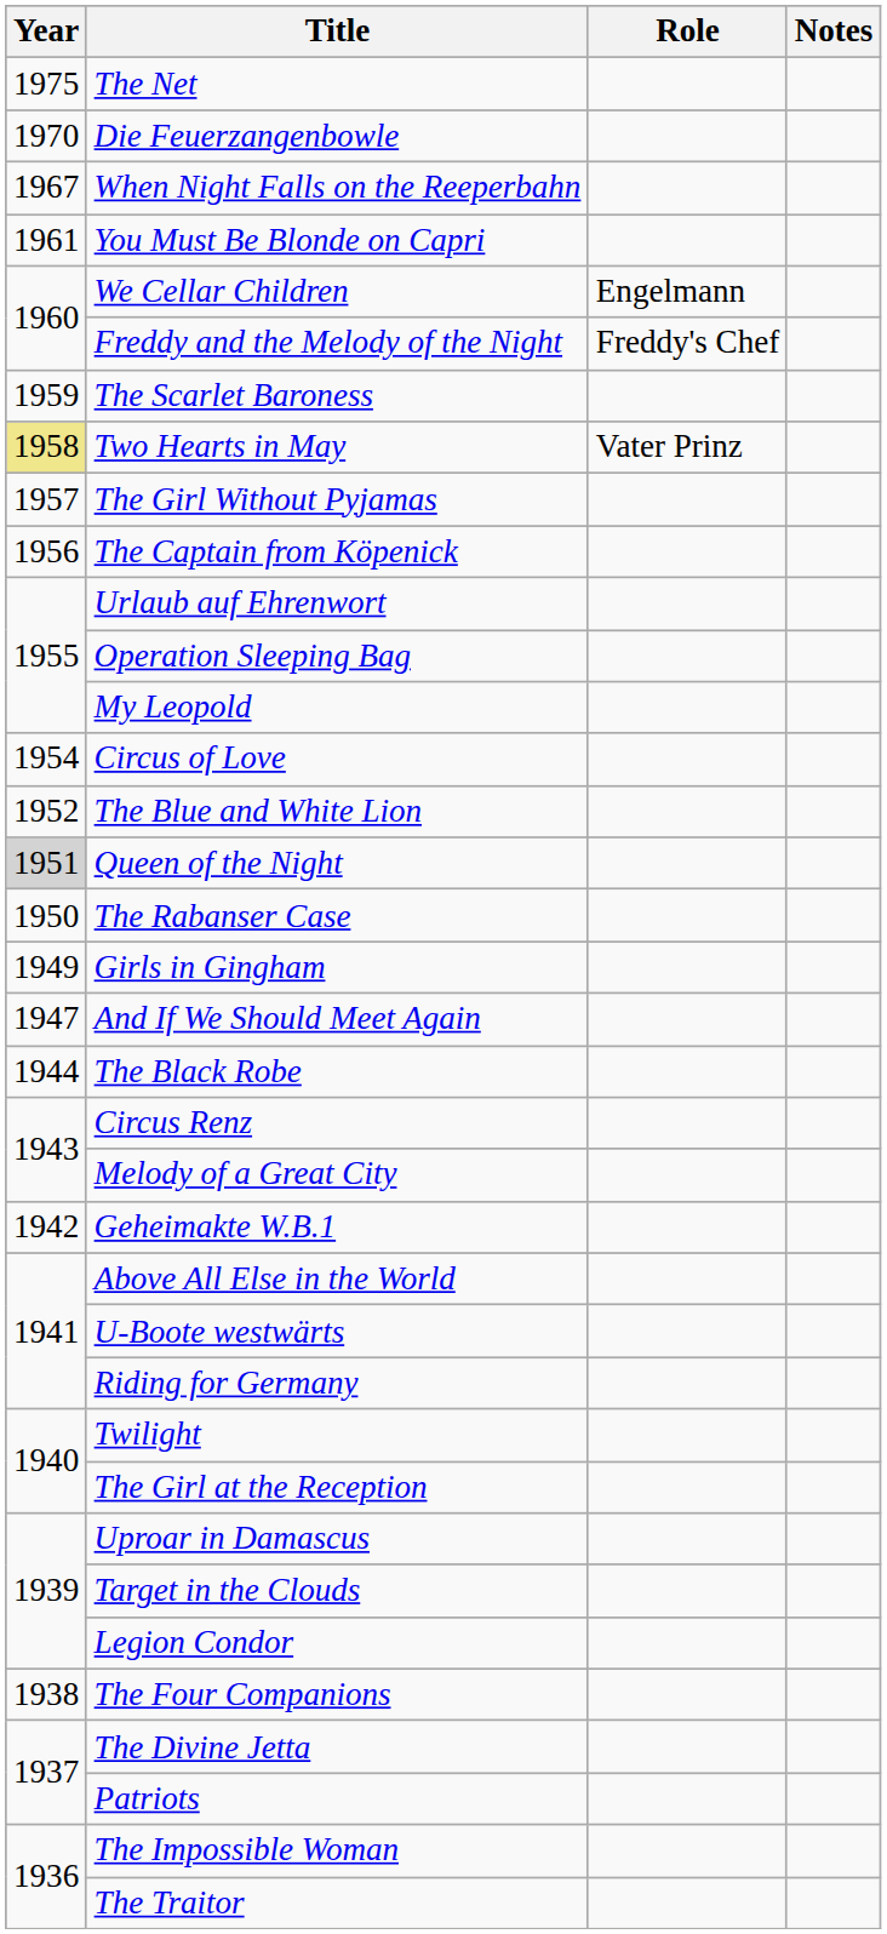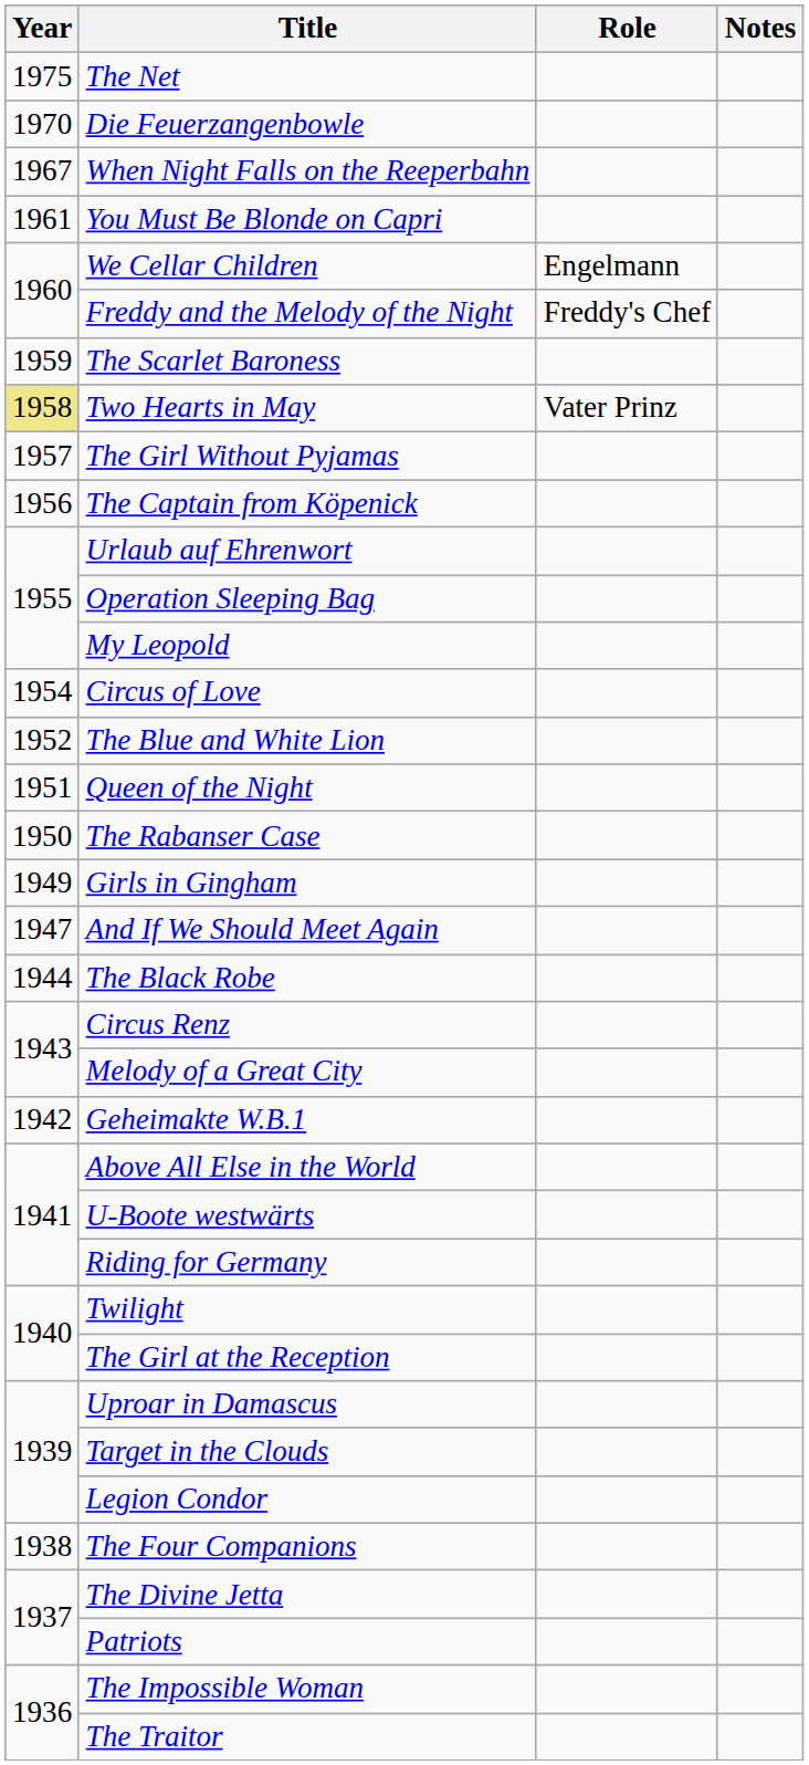 <table class="wikitable sortable">
 <tr>
 <th>Year</th>
 <th>Title</th>
 <th>Role</th>
 <th class="unsortable">Notes</th>
 </tr>
 <tr>
 <td>1975</td>
 <td><em><a href='#'>The Net</a></em></td>
 <td></td>
 <td></td>
 </tr>
 <tr>
 <td>1970</td>
 <td><em><a href='#'>Die Feuerzangenbowle</a></em></td>
 <td></td>
 <td></td>
 </tr>
 <tr>
 <td>1967</td>
 <td><em><a href='#'>When Night Falls on the Reeperbahn</a></em></td>
 <td></td>
 <td></td>
 </tr>
 <tr>
 <td>1961</td>
 <td><em><a href='#'>You Must Be Blonde on Capri</a></em></td>
 <td></td>
 <td></td>
 </tr>
 <tr>
 <td rowspan=2>1960</td>
 <td><em><a href='#'>We Cellar Children</a></em></td>
 <td>Engelmann</td>
 <td></td>
 </tr>
 <tr>
 <td><em><a href='#'>Freddy and the Melody of the Night</a></em></td>
 <td>Freddy's Chef</td>
 <td></td>
 </tr>
 <tr>
 <td>1959</td>
 <td><em><a href='#'>The Scarlet Baroness</a></em></td>
 <td></td>
 <td></td>
 </tr>
 <tr>
 <td style="background: khaki;">1958</td>
 <td><em><a href='#'>Two Hearts in May</a></em></td>
 <td>Vater Prinz</td>
 <td></td>
 </tr>
 <tr>
 <td>1957</td>
 <td><em><a href='#'>The Girl Without Pyjamas</a></em></td>
 <td></td>
 <td></td>
 </tr>
 <tr>
 <td>1956</td>
 <td><em><a href='#'>The Captain from Köpenick</a></em></td>
 <td></td>
 <td></td>
 </tr>
 <tr>
 <td rowspan=3>1955</td>
 <td><em><a href='#'>Urlaub auf Ehrenwort</a></em></td>
 <td></td>
 <td></td>
 </tr>
 <tr>
 <td><em><a href='#'>Operation Sleeping Bag</a></em></td>
 <td></td>
 <td></td>
 </tr>
 <tr>
 <td><em><a href='#'>My Leopold</a></em></td>
 <td></td>
 <td></td>
 </tr>
 <tr>
 <td>1954</td>
 <td><em><a href='#'>Circus of Love</a></em></td>
 <td></td>
 <td></td>
 </tr>
 <tr>
 <td>1952</td>
 <td><em><a href='#'>The Blue and White Lion</a></em></td>
 <td></td>
 <td></td>
 </tr>
 <tr>
-<td style="background: lightgrey;">1951</td>
+<td>1951</td>
 <td><em><a href='#'>Queen of the Night</a></em></td>
 <td></td>
 <td></td>
 </tr>
 <tr>
 <td>1950</td>
 <td><em><a href='#'>The Rabanser Case</a></em></td>
 <td></td>
 <td></td>
 </tr>
 <tr>
 <td>1949</td>
 <td><em><a href='#'>Girls in Gingham</a></em></td>
 <td></td>
 <td></td>
 </tr>
 <tr>
 <td>1947</td>
 <td><em><a href='#'>And If We Should Meet Again</a></em></td>
 <td></td>
 <td></td>
 </tr>
 <tr>
 <td>1944</td>
 <td><em><a href='#'>The Black Robe</a></em></td>
 <td></td>
 <td></td>
 </tr>
 <tr>
 <td rowspan=2>1943</td>
 <td><em><a href='#'>Circus Renz</a></em></td>
 <td></td>
 <td></td>
 </tr>
 <tr>
 <td><em><a href='#'>Melody of a Great City</a></em></td>
 <td></td>
 <td></td>
 </tr>
 <tr>
 <td>1942</td>
 <td><em><a href='#'>Geheimakte W.B.1</a></em></td>
 <td></td>
 <td></td>
 </tr>
 <tr>
 <td rowspan=3>1941</td>
 <td><em><a href='#'>Above All Else in the World</a></em></td>
 <td></td>
 <td></td>
 </tr>
 <tr>
 <td><em><a href='#'>U-Boote westwärts</a></em></td>
 <td></td>
 <td></td>
 </tr>
 <tr>
 <td><em><a href='#'>Riding for Germany</a></em></td>
 <td></td>
 <td></td>
 </tr>
 <tr>
 <td rowspan=2>1940</td>
 <td><em><a href='#'>Twilight</a></em></td>
 <td></td>
 <td></td>
 </tr>
 <tr>
 <td><em><a href='#'>The Girl at the Reception</a></em></td>
 <td></td>
 <td></td>
 </tr>
 <tr>
 <td rowspan=3>1939</td>
 <td><em><a href='#'>Uproar in Damascus</a></em></td>
 <td></td>
 <td></td>
 </tr>
 <tr>
 <td><em><a href='#'>Target in the Clouds</a></em></td>
 <td></td>
 <td></td>
 </tr>
 <tr>
 <td><em><a href='#'>Legion Condor</a></em></td>
 <td></td>
 <td></td>
 </tr>
 <tr>
 <td>1938</td>
 <td><em><a href='#'>The Four Companions</a></em></td>
 <td></td>
 <td></td>
 </tr>
 <tr>
 <td rowspan=2>1937</td>
 <td><em><a href='#'>The Divine Jetta</a></em></td>
 <td></td>
 <td></td>
 </tr>
 <tr>
 <td><em><a href='#'>Patriots</a></em></td>
 <td></td>
 <td></td>
 </tr>
 <tr>
 <td rowspan=2>1936</td>
 <td><em><a href='#'>The Impossible Woman</a></em></td>
 <td></td>
 <td></td>
 </tr>
 <tr>
 <td><em><a href='#'>The Traitor</a></em></td>
 <td></td>
 <td></td>
 </tr>
 </table>
